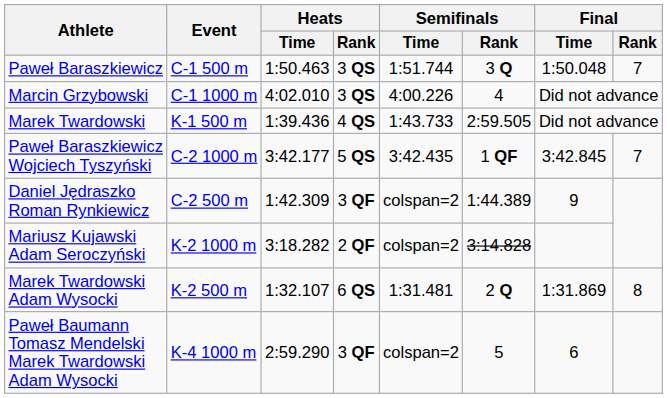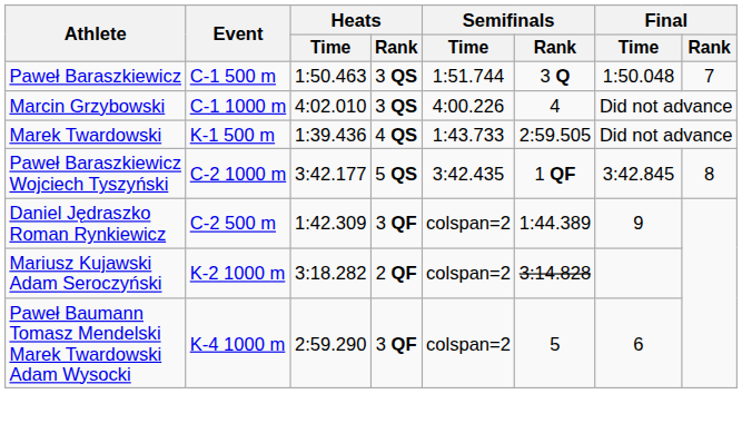 <table class=wikitable style="font-size:90%">
 <tr>
 <th rowspan="2">Athlete</th>
 <th rowspan="2">Event</th>
 <th colspan="2">Heats</th>
 <th colspan="2">Semifinals</th>
 <th colspan="2">Final</th>
 </tr>
 <tr style="font-size:95%">
 <th>Time</th>
 <th>Rank</th>
 <th>Time</th>
 <th>Rank</th>
 <th>Time</th>
 <th>Rank</th>
 </tr>
 <tr align=center>
 <td align=left><a href='#'>Paweł Baraszkiewicz</a></td>
 <td align=left><a href='#'>C-1 500 m</a></td>
 <td>1:50.463</td>
 <td>3 <strong>QS</strong></td>
 <td>1:51.744</td>
 <td>3 <strong>Q</strong></td>
 <td>1:50.048</td>
 <td>7</td>
 </tr>
 <tr align=center>
 <td align=left><a href='#'>Marcin Grzybowski</a></td>
 <td align=left><a href='#'>C-1 1000 m</a></td>
 <td>4:02.010</td>
 <td>3 <strong>QS</strong></td>
 <td>4:00.226</td>
 <td>4</td>
 <td colspan=2>Did not advance</td>
 </tr>
 <tr align=center>
 <td align=left><a href='#'>Marek Twardowski</a></td>
 <td align=left><a href='#'>K-1 500 m</a></td>
 <td>1:39.436</td>
 <td>4 <strong>QS</strong></td>
 <td>1:43.733</td>
 <td>2:59.505</td>
 <td colspan=2>Did not advance</td>
 </tr>
 <tr align=center>
 <td align=left><a href='#'>Paweł Baraszkiewicz</a> <br><a href='#'>Wojciech Tyszyński</a></td>
 <td align=left><a href='#'>C-2 1000 m</a></td>
 <td>3:42.177</td>
 <td>5 <strong>QS</strong></td>
 <td>3:42.435</td>
 <td>1 <strong>QF</strong></td>
 <td>3:42.845</td>
-<td>7</td>
+<td>8</td>
 </tr>
 <tr align=center>
 <td align=left><a href='#'>Daniel Jędraszko</a> <br><a href='#'>Roman Rynkiewicz</a></td>
 <td align=left><a href='#'>C-2 500 m</a></td>
 <td>1:42.309</td>
 <td>3 <strong>QF</strong></td>
 <td>colspan=2 </td>
 <td>1:44.389</td>
 <td>9</td>
 </tr>
 <tr align=center>
 <td align=left><a href='#'>Mariusz Kujawski</a> <br> <a href='#'>Adam Seroczyński</a></td>
 <td align=left><a href='#'>K-2 1000 m</a></td>
 <td>3:18.282</td>
 <td>2 <strong>QF</strong></td>
 <td>colspan=2 </td>
 <td><s>3:14.828</s></td>
 <td></td>
 </tr>
 <tr align=center>
-<td align=left><a href='#'>Marek Twardowski</a> <br> <a href='#'>Adam Wysocki</a></td>
-<td align=left><a href='#'>K-2 500 m</a></td>
-<td>1:32.107</td>
-<td>6 <strong>QS</strong></td>
-<td>1:31.481</td>
-<td>2 <strong>Q</strong></td>
-<td>1:31.869</td>
-<td>8</td>
-</tr>
-<tr align=center>
 <td align=left><a href='#'>Paweł Baumann</a> <br><a href='#'>Tomasz Mendelski</a><br><a href='#'>Marek Twardowski</a><br><a href='#'>Adam Wysocki</a></td>
 <td align=left><a href='#'>K-4 1000 m</a></td>
 <td>2:59.290</td>
 <td>3 <strong>QF</strong></td>
 <td>colspan=2 </td>
 <td>5</td>
 <td>6</td>
 </tr>
 </table>
